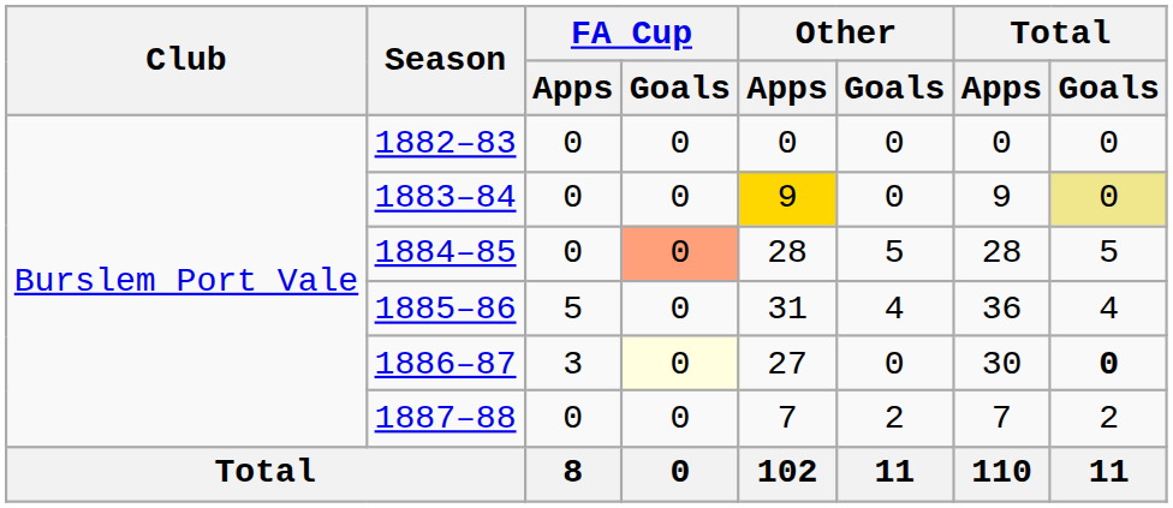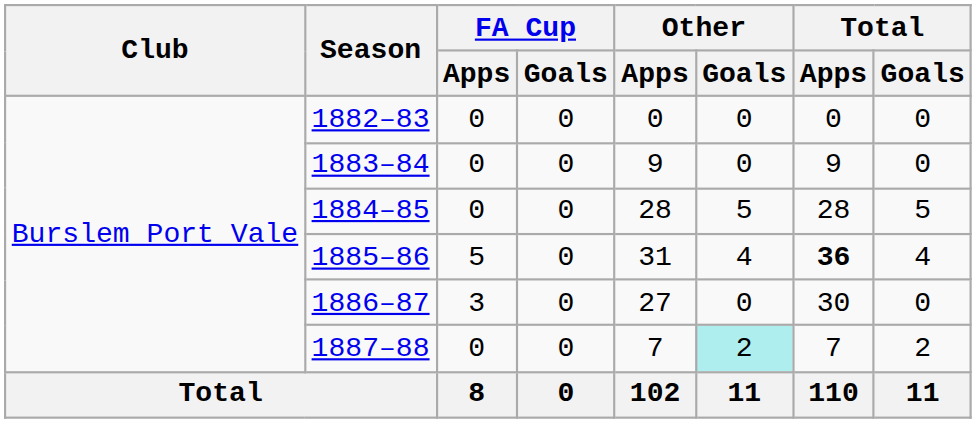 <table class="wikitable" style="text-align:center">
 <tr>
 <th rowspan="2">Club</th>
 <th rowspan="2">Season</th>
 <th colspan="2"><a href='#'>FA Cup</a></th>
 <th colspan="2">Other</th>
 <th colspan="2">Total</th>
 </tr>
 <tr>
 <th>Apps</th>
 <th>Goals</th>
 <th>Apps</th>
 <th>Goals</th>
 <th>Apps</th>
 <th>Goals</th>
 </tr>
 <tr>
 <td rowspan="6"><a href='#'>Burslem Port Vale</a></td>
 <td><a href='#'>1882–83</a></td>
 <td>0</td>
 <td>0</td>
 <td>0</td>
 <td>0</td>
 <td>0</td>
 <td>0</td>
 </tr>
 <tr>
 <td><a href='#'>1883–84</a></td>
 <td>0</td>
 <td>0</td>
-<td style="background: gold;">9</td>
+<td>9</td>
 <td>0</td>
 <td>9</td>
-<td style="background: khaki;">0</td>
+<td>0</td>
 </tr>
 <tr>
 <td><a href='#'>1884–85</a></td>
 <td>0</td>
-<td style="background: lightsalmon;">0</td>
+<td>0</td>
 <td>28</td>
 <td>5</td>
 <td>28</td>
 <td>5</td>
 </tr>
 <tr>
 <td><a href='#'>1885–86</a></td>
 <td>5</td>
 <td>0</td>
 <td>31</td>
 <td>4</td>
-<td>36</td>
+<td><strong>36</strong></td>
 <td>4</td>
 </tr>
 <tr>
 <td><a href='#'>1886–87</a></td>
 <td>3</td>
-<td style="background: lightyellow;">0</td>
+<td>0</td>
 <td>27</td>
 <td>0</td>
 <td>30</td>
-<td><strong>0</strong></td>
+<td>0</td>
 </tr>
 <tr>
 <td><a href='#'>1887–88</a></td>
 <td>0</td>
 <td>0</td>
 <td>7</td>
-<td>2</td>
+<td style="background: paleturquoise;">2</td>
 <td>7</td>
 <td>2</td>
 </tr>
 <tr>
 <th colspan="2">Total</th>
 <th>8</th>
 <th>0</th>
 <th>102</th>
 <th>11</th>
 <th>110</th>
 <th>11</th>
 </tr>
 </table>
